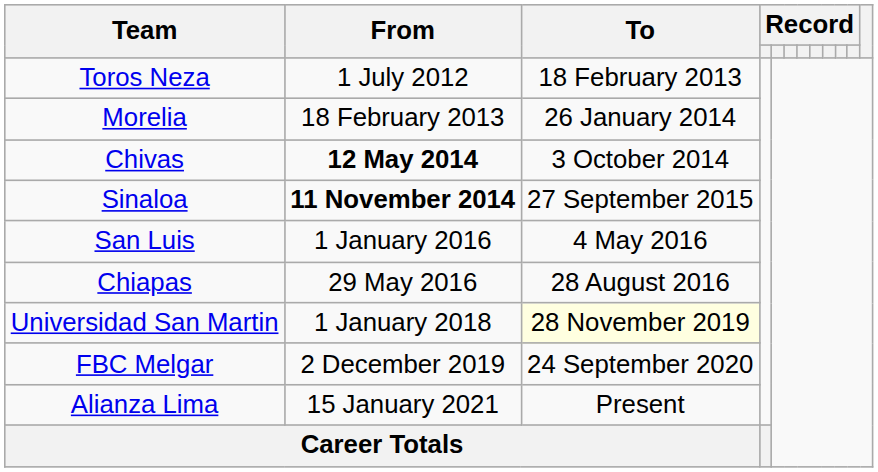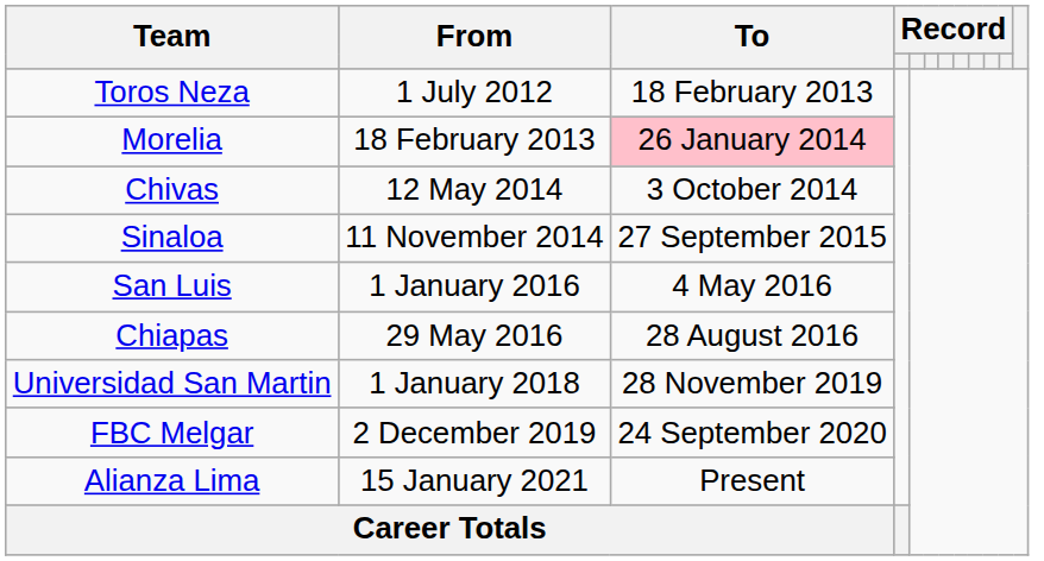 <table class="wikitable" style="text-align: center">
 <tr>
 <th rowspan="2">Team</th>
 <th rowspan="2">From</th>
 <th rowspan="2">To</th>
 <th colspan="8">Record</th>
 <th rowspan="2"></th>
 </tr>
 <tr>
 <th></th>
 <th></th>
 <th></th>
 <th></th>
 <th></th>
 <th></th>
 <th></th>
 <th></th>
 </tr>
 <tr>
 <td><a href='#'>Toros Neza</a></td>
 <td>1 July 2012</td>
 <td>18 February 2013<br></td>
 <td rowspan="9"></td>
 </tr>
 <tr>
 <td><a href='#'>Morelia</a></td>
 <td>18 February 2013</td>
-<td>26 January 2014<br></td>
+<td style="background: pink;">26 January 2014<br></td>
 </tr>
 <tr>
 <td><a href='#'>Chivas</a></td>
-<td><strong>12 May 2014</strong></td>
+<td>12 May 2014</td>
 <td>3 October 2014<br></td>
 </tr>
 <tr>
 <td><a href='#'>Sinaloa</a></td>
-<td><strong>11 November 2014</strong></td>
+<td>11 November 2014</td>
 <td>27 September 2015<br></td>
 </tr>
 <tr>
 <td><a href='#'>San Luis</a></td>
 <td>1 January 2016</td>
 <td>4 May 2016<br></td>
 </tr>
 <tr>
 <td><a href='#'>Chiapas</a></td>
 <td>29 May 2016</td>
 <td>28 August 2016<br></td>
 </tr>
 <tr>
 <td><a href='#'>Universidad San Martin</a></td>
 <td>1 January 2018</td>
-<td style="background: lightyellow;">28 November 2019<br></td>
+<td>28 November 2019<br></td>
 </tr>
 <tr>
 <td><a href='#'>FBC Melgar</a></td>
 <td>2 December 2019</td>
 <td>24 September 2020<br></td>
 </tr>
 <tr>
 <td><a href='#'>Alianza Lima</a></td>
 <td>15 January 2021</td>
 <td>Present<br></td>
 </tr>
 <tr>
 <th colspan="3">Career Totals<br></th>
 <th></th>
 </tr>
 </table>
